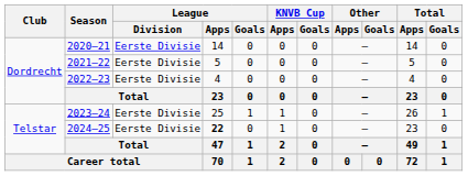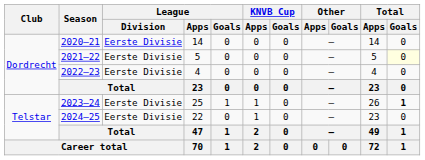 <table class="wikitable" style="text-align: center">
 <tr>
 <th rowspan="2">Club</th>
 <th rowspan="2">Season</th>
 <th colspan="3">League</th>
 <th colspan="2"><a href='#'>KNVB Cup</a></th>
 <th colspan="2">Other</th>
 <th colspan="2">Total</th>
 </tr>
 <tr>
 <th>Division</th>
 <th>Apps</th>
 <th>Goals</th>
 <th>Apps</th>
 <th>Goals</th>
 <th>Apps</th>
 <th>Goals</th>
 <th>Apps</th>
 <th>Goals</th>
 </tr>
 <tr>
 <td rowspan="4"><a href='#'>Dordrecht</a></td>
 <td><a href='#'>2020–21</a></td>
 <td><a href='#'>Eerste Divisie</a></td>
 <td>14</td>
 <td>0</td>
 <td>0</td>
 <td>0</td>
 <td colspan="2">—</td>
 <td>14</td>
 <td>0</td>
 </tr>
 <tr>
 <td><a href='#'>2021–22</a></td>
 <td>Eerste Divisie</td>
 <td>5</td>
 <td>0</td>
 <td>0</td>
 <td>0</td>
 <td colspan="2">—</td>
 <td>5</td>
-<td>0</td>
+<td style="background: lightyellow;">0</td>
 </tr>
 <tr>
 <td><a href='#'>2022–23</a></td>
 <td>Eerste Divisie</td>
 <td>4</td>
 <td>0</td>
 <td>0</td>
 <td>0</td>
 <td colspan="2">—</td>
 <td>4</td>
 <td>0</td>
 </tr>
 <tr>
 <th colspan="2">Total</th>
 <th>23</th>
 <th>0</th>
 <th>0</th>
 <th>0</th>
 <th colspan="2">—</th>
 <th>23</th>
 <th>0</th>
 </tr>
 <tr>
 <td rowspan="3"><a href='#'>Telstar</a></td>
 <td><a href='#'>2023–24</a></td>
 <td>Eerste Divisie</td>
 <td>25</td>
 <td>1</td>
 <td>1</td>
 <td>0</td>
 <td colspan="2">—</td>
 <td>26</td>
-<td>1</td>
+<td><strong>1</strong></td>
 </tr>
 <tr>
 <td><a href='#'>2024–25</a></td>
 <td>Eerste Divisie</td>
-<td><strong>22</strong></td>
+<td>22</td>
 <td>0</td>
 <td>1</td>
 <td>0</td>
 <td colspan="2">—</td>
 <td>23</td>
 <td>0</td>
 </tr>
 <tr>
 <th colspan="2">Total</th>
 <th>47</th>
 <th>1</th>
 <th>2</th>
 <th>0</th>
 <th colspan="2">—</th>
 <th>49</th>
 <th>1</th>
 </tr>
 <tr>
 <th colspan="3">Career total</th>
 <th>70</th>
 <th>1</th>
 <th>2</th>
 <th>0</th>
 <th>0</th>
 <th>0</th>
 <th>72</th>
 <th>1</th>
 </tr>
 </table>
